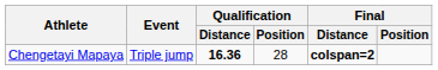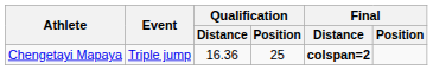 <table class=wikitable style="font-size:90%">
 <tr>
 <th rowspan="2">Athlete</th>
 <th rowspan="2">Event</th>
 <th colspan="2">Qualification</th>
 <th colspan="2">Final</th>
 </tr>
 <tr style="font-size:95%">
 <th>Distance</th>
 <th>Position</th>
 <th>Distance</th>
 <th>Position</th>
 </tr>
 <tr style=text-align:center>
 <td style=text-align:left><a href='#'>Chengetayi Mapaya</a></td>
 <td style=text-align:left><a href='#'>Triple jump</a></td>
-<td><strong>16.36</strong></td>
-<td>28</td>
+<td>16.36</td>
+<td>25</td>
 <td><strong>colspan=2 </strong></td>
 </tr>
 </table>
